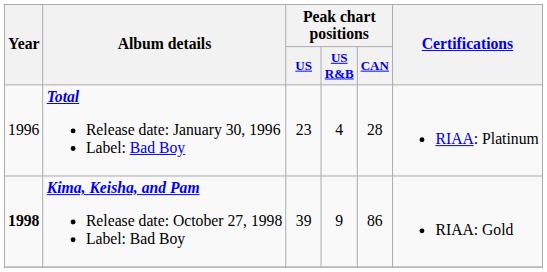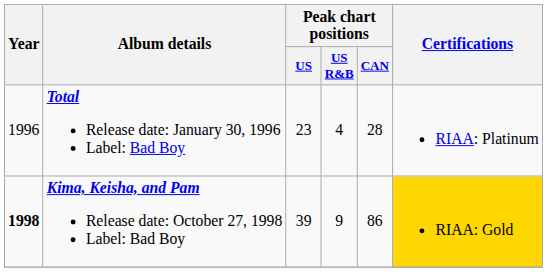 <table class="wikitable" style="text-align:center;">
 <tr>
 <th rowspan="2">Year</th>
 <th rowspan="2">Album details</th>
 <th colspan="3">Peak chart positions</th>
 <th rowspan="2"><a href='#'>Certifications</a></th>
 </tr>
 <tr style="font-size:smaller;">
 <th width="30"><a href='#'>US</a><br></th>
 <th width="30"><a href='#'>US R&B</a><br></th>
 <th width="30"><a href='#'>CAN</a><br></th>
 </tr>
 <tr>
 <td>1996</td>
 <td align="left"><strong><em><a href='#'>Total</a></em></strong><br><ul><li>Release date: January 30, 1996</li><li>Label: <a href='#'>Bad Boy</a></li></ul></td>
 <td>23</td>
 <td>4</td>
 <td>28</td>
 <td align=left><br><ul><li><a href='#'>RIAA</a>: Platinum</li></ul></td>
 </tr>
 <tr>
 <td><strong>1998</strong></td>
 <td align="left"><strong><em><a href='#'>Kima, Keisha, and Pam</a></em></strong><br><ul><li>Release date: October 27, 1998</li><li>Label: Bad Boy</li></ul></td>
 <td>39</td>
 <td>9</td>
 <td>86</td>
-<td align=left><br><ul><li>RIAA: Gold</li></ul></td>
+<td align=left style="background: gold;"><br><ul><li>RIAA: Gold</li></ul></td>
 </tr>
 <tr>
 </tr>
 </table>
